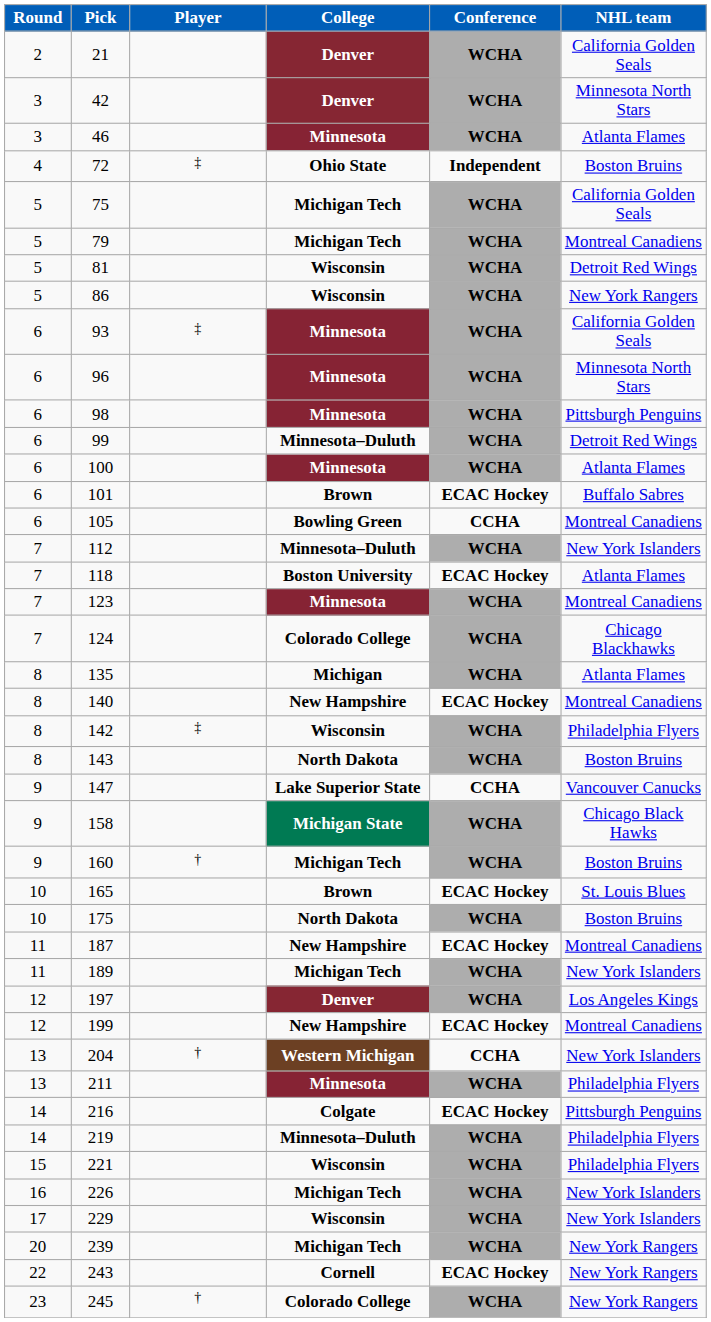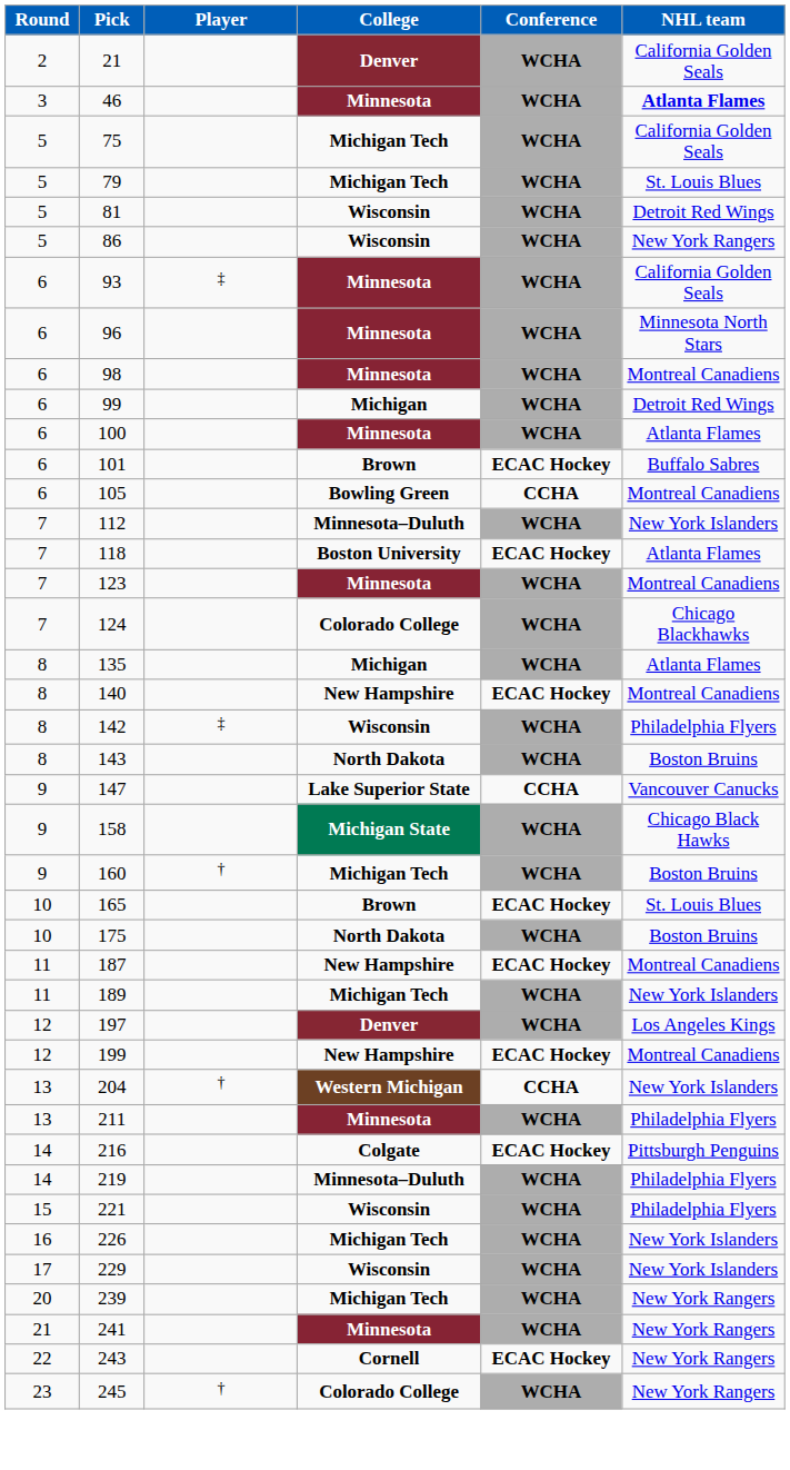 <table class="wikitable sortable" width="75%">
 <tr>
 <th style="color:white; background-color:#005EB8; width: 4em;">Round</th>
 <th style="color:white; background-color:#005EB8; width: 4em;">Pick</th>
 <th style="color:white; background-color:#005EB8; width: 12em;">Player</th>
 <th style="color:white; background-color:#005EB8; width: 13em;">College</th>
 <th style="color:white; background-color:#005EB8; width: 9em;">Conference</th>
 <th style="color:white; background-color:#005EB8; width: 11em;">NHL team</th>
 </tr>
 <tr align="center" bgcolor="">
 <td>2</td>
 <td>21</td>
 <td></td>
 <td style="color:white; background:#862633; "><strong>Denver</strong></td>
 <td style="color:black; background:#ADADAD; "><strong>WCHA</strong></td>
 <td><a href='#'>California Golden Seals</a></td>
 </tr>
 <tr align="center" bgcolor="">
 <td>3</td>
-<td>42</td>
-<td></td>
-<td style="color:white; background:#862633; "><strong>Denver</strong></td>
-<td style="color:black; background:#ADADAD; "><strong>WCHA</strong></td>
-<td><a href='#'>Minnesota North Stars</a></td>
-</tr>
-<tr align="center" bgcolor="">
-<td>3</td>
 <td>46</td>
 <td></td>
 <td style="color:white; background:#862334; "><strong>Minnesota</strong></td>
 <td style="color:black; background:#ADADAD; "><strong>WCHA</strong></td>
-<td><a href='#'>Atlanta Flames</a></td>
-</tr>
-<tr align="center" bgcolor="">
-<td>4</td>
-<td>72</td>
-<td> <sup>‡</sup></td>
-<td><strong>Ohio State</strong></td>
-<td><strong>Independent</strong></td>
-<td><a href='#'>Boston Bruins</a></td>
+<td><strong><a href='#'>Atlanta Flames</a></strong></td>
 </tr>
 <tr align="center" bgcolor="">
 <td>5</td>
 <td>75</td>
 <td></td>
 <td><strong>Michigan Tech</strong></td>
 <td style="color:black; background:#ADADAD; "><strong>WCHA</strong></td>
 <td><a href='#'>California Golden Seals</a></td>
 </tr>
 <tr align="center" bgcolor="">
 <td>5</td>
 <td>79</td>
 <td></td>
 <td><strong>Michigan Tech</strong></td>
 <td style="color:black; background:#ADADAD; "><strong>WCHA</strong></td>
-<td><a href='#'>Montreal Canadiens</a></td>
+<td><a href='#'>St. Louis Blues</a></td>
 </tr>
 <tr align="center" bgcolor="">
 <td>5</td>
 <td>81</td>
 <td></td>
 <td><strong>Wisconsin</strong></td>
 <td style="color:black; background:#ADADAD; "><strong>WCHA</strong></td>
 <td><a href='#'>Detroit Red Wings</a></td>
 </tr>
 <tr align="center" bgcolor="">
 <td>5</td>
 <td>86</td>
 <td></td>
 <td><strong>Wisconsin</strong></td>
 <td style="color:black; background:#ADADAD; "><strong>WCHA</strong></td>
 <td><a href='#'>New York Rangers</a></td>
 </tr>
 <tr align="center" bgcolor="">
 <td>6</td>
 <td>93</td>
 <td> <sup>‡</sup></td>
 <td style="color:white; background:#862334; "><strong>Minnesota</strong></td>
 <td style="color:black; background:#ADADAD; "><strong>WCHA</strong></td>
 <td><a href='#'>California Golden Seals</a></td>
 </tr>
 <tr align="center" bgcolor="">
 <td>6</td>
 <td>96</td>
 <td></td>
 <td style="color:white; background:#862334; "><strong>Minnesota</strong></td>
 <td style="color:black; background:#ADADAD; "><strong>WCHA</strong></td>
 <td><a href='#'>Minnesota North Stars</a></td>
 </tr>
 <tr align="center" bgcolor="">
 <td>6</td>
 <td>98</td>
 <td></td>
 <td style="color:white; background:#862334; "><strong>Minnesota</strong></td>
 <td style="color:black; background:#ADADAD; "><strong>WCHA</strong></td>
-<td><a href='#'>Pittsburgh Penguins</a></td>
+<td><a href='#'>Montreal Canadiens</a></td>
 </tr>
 <tr align="center" bgcolor="">
 <td>6</td>
 <td>99</td>
 <td></td>
-<td><strong>Minnesota–Duluth</strong></td>
+<td><strong>Michigan</strong></td>
 <td style="color:black; background:#ADADAD; "><strong>WCHA</strong></td>
 <td><a href='#'>Detroit Red Wings</a></td>
 </tr>
 <tr align="center" bgcolor="">
 <td>6</td>
 <td>100</td>
 <td></td>
 <td style="color:white; background:#862334; "><strong>Minnesota</strong></td>
 <td style="color:black; background:#ADADAD; "><strong>WCHA</strong></td>
 <td><a href='#'>Atlanta Flames</a></td>
 </tr>
 <tr align="center" bgcolor="">
 <td>6</td>
 <td>101</td>
 <td></td>
 <td><strong>Brown</strong></td>
 <td><strong>ECAC Hockey</strong></td>
 <td><a href='#'>Buffalo Sabres</a></td>
 </tr>
 <tr align="center" bgcolor="">
 <td>6</td>
 <td>105</td>
 <td></td>
 <td><strong>Bowling Green</strong></td>
 <td><strong>CCHA</strong></td>
 <td><a href='#'>Montreal Canadiens</a></td>
 </tr>
 <tr align="center" bgcolor="">
 <td>7</td>
 <td>112</td>
 <td></td>
 <td><strong>Minnesota–Duluth</strong></td>
 <td style="color:black; background:#ADADAD; "><strong>WCHA</strong></td>
 <td><a href='#'>New York Islanders</a></td>
 </tr>
 <tr align="center" bgcolor="">
 <td>7</td>
 <td>118</td>
 <td></td>
 <td><strong>Boston University</strong></td>
 <td><strong>ECAC Hockey</strong></td>
 <td><a href='#'>Atlanta Flames</a></td>
 </tr>
 <tr align="center" bgcolor="">
 <td>7</td>
 <td>123</td>
 <td></td>
 <td style="color:white; background:#862334; "><strong>Minnesota</strong></td>
 <td style="color:black; background:#ADADAD; "><strong>WCHA</strong></td>
 <td><a href='#'>Montreal Canadiens</a></td>
 </tr>
 <tr align="center" bgcolor="">
 <td>7</td>
 <td>124</td>
 <td></td>
 <td><strong>Colorado College</strong></td>
 <td style="color:black; background:#ADADAD; "><strong>WCHA</strong></td>
 <td><a href='#'>Chicago Blackhawks</a></td>
 </tr>
 <tr align="center" bgcolor="">
 <td>8</td>
 <td>135</td>
 <td></td>
 <td><strong>Michigan</strong></td>
 <td style="color:black; background:#ADADAD; "><strong>WCHA</strong></td>
 <td><a href='#'>Atlanta Flames</a></td>
 </tr>
 <tr align="center" bgcolor="">
 <td>8</td>
 <td>140</td>
 <td></td>
 <td><strong>New Hampshire</strong></td>
 <td><strong>ECAC Hockey</strong></td>
 <td><a href='#'>Montreal Canadiens</a></td>
 </tr>
 <tr align="center" bgcolor="">
 <td>8</td>
 <td>142</td>
 <td> <sup>‡</sup></td>
 <td><strong>Wisconsin</strong></td>
 <td style="color:black; background:#ADADAD; "><strong>WCHA</strong></td>
 <td><a href='#'>Philadelphia Flyers</a></td>
 </tr>
 <tr align="center" bgcolor="">
 <td>8</td>
 <td>143</td>
 <td></td>
 <td><strong>North Dakota</strong></td>
 <td style="color:black; background:#ADADAD; "><strong>WCHA</strong></td>
 <td><a href='#'>Boston Bruins</a></td>
 </tr>
 <tr align="center" bgcolor="">
 <td>9</td>
 <td>147</td>
 <td></td>
 <td><strong>Lake Superior State</strong></td>
 <td><strong>CCHA</strong></td>
 <td><a href='#'>Vancouver Canucks</a></td>
 </tr>
 <tr align="center" bgcolor="">
 <td>9</td>
 <td>158</td>
 <td></td>
 <td style="color:white; background:#007A53"><strong>Michigan State</strong></td>
 <td style="color:black; background:#ADADAD; "><strong>WCHA</strong></td>
 <td><a href='#'>Chicago Black Hawks</a></td>
 </tr>
 <tr align="center" bgcolor="">
 <td>9</td>
 <td>160</td>
 <td> <sup>†</sup></td>
 <td><strong>Michigan Tech</strong></td>
 <td style="color:black; background:#ADADAD; "><strong>WCHA</strong></td>
 <td><a href='#'>Boston Bruins</a></td>
 </tr>
 <tr align="center" bgcolor="">
 <td>10</td>
 <td>165</td>
 <td></td>
 <td><strong>Brown</strong></td>
 <td><strong>ECAC Hockey</strong></td>
 <td><a href='#'>St. Louis Blues</a></td>
 </tr>
 <tr align="center" bgcolor="">
 <td>10</td>
 <td>175</td>
 <td></td>
 <td><strong>North Dakota</strong></td>
 <td style="color:black; background:#ADADAD; "><strong>WCHA</strong></td>
 <td><a href='#'>Boston Bruins</a></td>
 </tr>
 <tr align="center" bgcolor="">
 <td>11</td>
 <td>187</td>
 <td></td>
 <td><strong>New Hampshire</strong></td>
 <td><strong>ECAC Hockey</strong></td>
 <td><a href='#'>Montreal Canadiens</a></td>
 </tr>
 <tr align="center" bgcolor="">
 <td>11</td>
 <td>189</td>
 <td></td>
 <td><strong>Michigan Tech</strong></td>
 <td style="color:black; background:#ADADAD; "><strong>WCHA</strong></td>
 <td><a href='#'>New York Islanders</a></td>
 </tr>
 <tr align="center" bgcolor="">
 <td>12</td>
 <td>197</td>
 <td></td>
 <td style="color:white; background:#862633; "><strong>Denver</strong></td>
 <td style="color:black; background:#ADADAD; "><strong>WCHA</strong></td>
 <td><a href='#'>Los Angeles Kings</a></td>
 </tr>
 <tr align="center" bgcolor="">
 <td>12</td>
 <td>199</td>
 <td></td>
 <td><strong>New Hampshire</strong></td>
 <td><strong>ECAC Hockey</strong></td>
 <td><a href='#'>Montreal Canadiens</a></td>
 </tr>
 <tr align="center" bgcolor="">
 <td>13</td>
 <td>204</td>
 <td> <sup>†</sup></td>
 <td style="color:white; background:#6C4023; "><strong>Western Michigan</strong></td>
 <td><strong>CCHA</strong></td>
 <td><a href='#'>New York Islanders</a></td>
 </tr>
 <tr align="center" bgcolor="">
 <td>13</td>
 <td>211</td>
 <td></td>
 <td style="color:white; background:#862334; "><strong>Minnesota</strong></td>
 <td style="color:black; background:#ADADAD; "><strong>WCHA</strong></td>
 <td><a href='#'>Philadelphia Flyers</a></td>
 </tr>
 <tr align="center" bgcolor="">
 <td>14</td>
 <td>216</td>
 <td></td>
 <td><strong>Colgate</strong></td>
 <td><strong>ECAC Hockey</strong></td>
 <td><a href='#'>Pittsburgh Penguins</a></td>
 </tr>
 <tr align="center" bgcolor="">
 <td>14</td>
 <td>219</td>
 <td></td>
 <td><strong>Minnesota–Duluth</strong></td>
 <td style="color:black; background:#ADADAD; "><strong>WCHA</strong></td>
 <td><a href='#'>Philadelphia Flyers</a></td>
 </tr>
 <tr align="center" bgcolor="">
 <td>15</td>
 <td>221</td>
 <td></td>
 <td><strong>Wisconsin</strong></td>
 <td style="color:black; background:#ADADAD; "><strong>WCHA</strong></td>
 <td><a href='#'>Philadelphia Flyers</a></td>
 </tr>
 <tr align="center" bgcolor="">
 <td>16</td>
 <td>226</td>
 <td></td>
 <td><strong>Michigan Tech</strong></td>
 <td style="color:black; background:#ADADAD; "><strong>WCHA</strong></td>
 <td><a href='#'>New York Islanders</a></td>
 </tr>
 <tr align="center" bgcolor="">
 <td>17</td>
 <td>229</td>
 <td></td>
 <td><strong>Wisconsin</strong></td>
 <td style="color:black; background:#ADADAD; "><strong>WCHA</strong></td>
 <td><a href='#'>New York Islanders</a></td>
 </tr>
 <tr align="center" bgcolor="">
 <td>20</td>
 <td>239</td>
 <td></td>
 <td><strong>Michigan Tech</strong></td>
 <td style="color:black; background:#ADADAD; "><strong>WCHA</strong></td>
 <td><a href='#'>New York Rangers</a></td>
 </tr>
 <tr align="center" bgcolor="">
+<td>21</td>
+<td>241</td>
+<td></td>
+<td style="color:white; background:#862334; "><strong>Minnesota</strong></td>
+<td style="color:black; background:#ADADAD; "><strong>WCHA</strong></td>
+<td><a href='#'>New York Rangers</a></td>
+</tr>
+<tr align="center" bgcolor="">
 <td>22</td>
 <td>243</td>
 <td></td>
 <td><strong>Cornell</strong></td>
 <td><strong>ECAC Hockey</strong></td>
 <td><a href='#'>New York Rangers</a></td>
 </tr>
 <tr align="center" bgcolor="">
 <td>23</td>
 <td>245</td>
 <td> <sup>†</sup></td>
 <td><strong>Colorado College</strong></td>
 <td style="color:black; background:#ADADAD; "><strong>WCHA</strong></td>
 <td><a href='#'>New York Rangers</a></td>
 </tr>
 </table>
